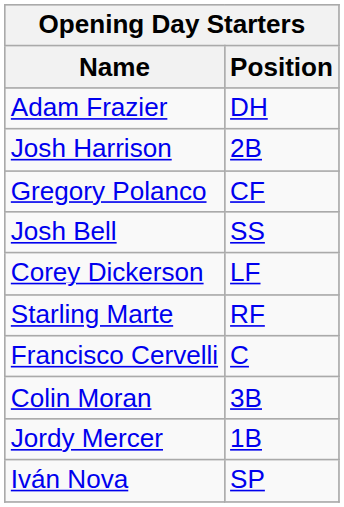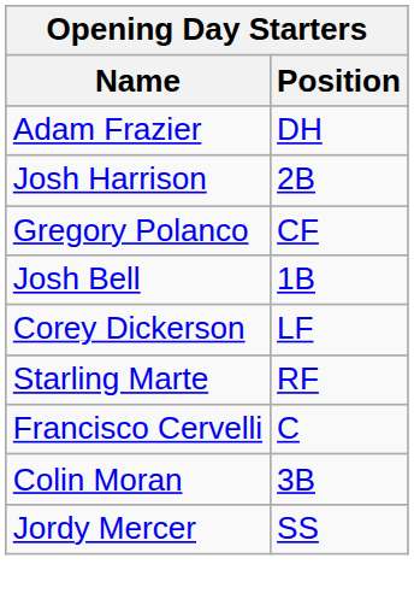 <table class="wikitable" style="text-align:left">
 <tr>
 <th colspan="2">Opening Day Starters</th>
 </tr>
 <tr>
 <th>Name</th>
 <th>Position</th>
 </tr>
 <tr>
 <td><a href='#'>Adam Frazier</a></td>
 <td><a href='#'>DH</a></td>
 </tr>
 <tr>
 <td><a href='#'>Josh Harrison</a></td>
 <td><a href='#'>2B</a></td>
 </tr>
 <tr>
 <td><a href='#'>Gregory Polanco</a></td>
 <td><a href='#'>CF</a></td>
 </tr>
 <tr>
 <td><a href='#'>Josh Bell</a></td>
-<td><a href='#'>SS</a></td>
+<td><a href='#'>1B</a></td>
 </tr>
 <tr>
 <td><a href='#'>Corey Dickerson</a></td>
 <td><a href='#'>LF</a></td>
 </tr>
 <tr>
 <td><a href='#'>Starling Marte</a></td>
 <td><a href='#'>RF</a></td>
 </tr>
 <tr>
 <td><a href='#'>Francisco Cervelli</a></td>
 <td><a href='#'>C</a></td>
 </tr>
 <tr>
 <td><a href='#'>Colin Moran</a></td>
 <td><a href='#'>3B</a></td>
 </tr>
 <tr>
 <td><a href='#'>Jordy Mercer</a></td>
-<td><a href='#'>1B</a></td>
-</tr>
-<tr>
-<td><a href='#'>Iván Nova</a></td>
-<td><a href='#'>SP</a></td>
+<td><a href='#'>SS</a></td>
 </tr>
 </table>
